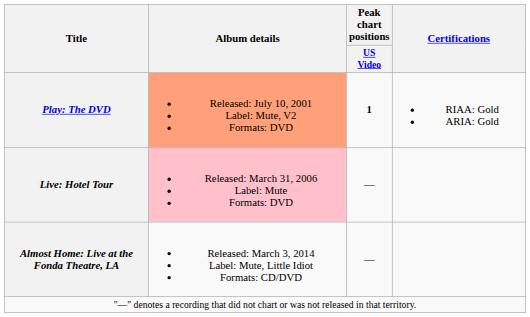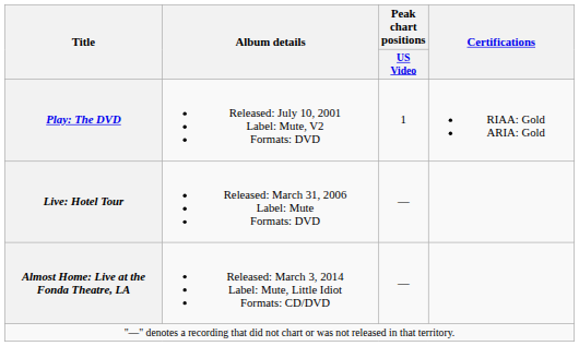 <table class="wikitable plainrowheaders" style="text-align:center;">
 <tr>
 <th scope="col" rowspan="2" style="width:13em;">Title</th>
 <th scope="col" rowspan="2" style="width:18em;">Album details</th>
 <th scope="col">Peak chart positions</th>
 <th scope="col" rowspan="2" style="width:12em;"><a href='#'>Certifications</a></th>
 </tr>
 <tr>
 <th scope="col" style="width:2.8em;font-size:90%;"><a href='#'>US<br>Video</a><br></th>
 </tr>
 <tr>
 <th scope="row"><em><a href='#'>Play: The DVD</a></em></th>
-<td style="background: lightsalmon;"><br><ul><li>Released: July 10, 2001</li><li>Label: Mute, V2</li><li>Formats: DVD</li></ul></td>
-<td><strong>1</strong></td>
+<td><br><ul><li>Released: July 10, 2001</li><li>Label: Mute, V2</li><li>Formats: DVD</li></ul></td>
+<td>1</td>
 <td><br><ul><li>RIAA: Gold</li><li>ARIA: Gold</li></ul></td>
 </tr>
 <tr>
 <th scope="row"><em>Live: Hotel Tour</em></th>
-<td style="background: pink;"><br><ul><li>Released: March 31, 2006</li><li>Label: Mute</li><li>Formats: DVD</li></ul></td>
+<td><br><ul><li>Released: March 31, 2006</li><li>Label: Mute</li><li>Formats: DVD</li></ul></td>
 <td>—</td>
 <td></td>
 </tr>
 <tr>
 <th scope="row"><em>Almost Home: Live at the Fonda Theatre, LA</em></th>
 <td><br><ul><li>Released: March 3, 2014</li><li>Label: Mute, Little Idiot</li><li>Formats: CD/DVD</li></ul></td>
 <td>—</td>
 <td></td>
 </tr>
 <tr>
 <td colspan="5" style="font-size:90%">"—" denotes a recording that did not chart or was not released in that territory.</td>
 </tr>
 </table>
